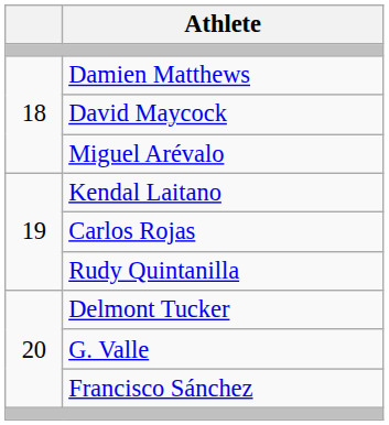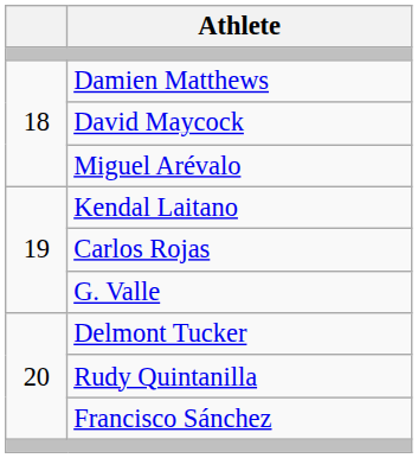 <table class="wikitable">
 <tr>
 <th width="30"></th>
 <th width="200">Athlete</th>
 </tr>
 <tr bgcolor="C0C0C0">
 <td colspan=2></td>
 </tr>
 <tr>
 <td align="center" rowspan=3>18</td>
 <td> <a href='#'>Damien Matthews</a></td>
 </tr>
 <tr>
 <td> <a href='#'>David Maycock</a></td>
 </tr>
 <tr>
 <td> <a href='#'>Miguel Arévalo</a></td>
 </tr>
 <tr>
 <td align="center" rowspan=3>19</td>
 <td> <a href='#'>Kendal Laitano</a></td>
 </tr>
 <tr>
 <td> <a href='#'>Carlos Rojas</a></td>
 </tr>
 <tr>
-<td> <a href='#'>Rudy Quintanilla</a></td>
+<td> <a href='#'>G. Valle</a></td>
 </tr>
 <tr>
 <td align="center" rowspan=3>20</td>
 <td> <a href='#'>Delmont Tucker</a></td>
 </tr>
 <tr>
-<td> <a href='#'>G. Valle</a></td>
+<td> <a href='#'>Rudy Quintanilla</a></td>
 </tr>
 <tr>
 <td> <a href='#'>Francisco Sánchez</a></td>
 </tr>
 <tr bgcolor="C0C0C0">
 <td colspan=2></td>
 </tr>
 </table>
